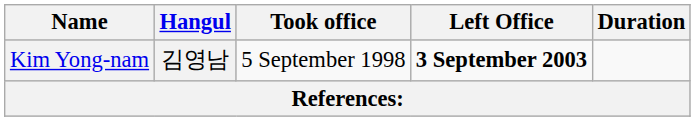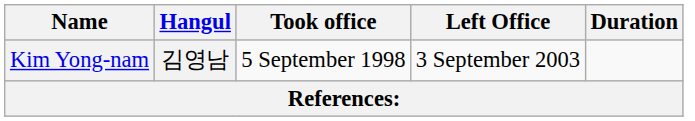 <table class="wikitable sortable">
 <tr>
 <th>Name</th>
 <th class="unsortable"><a href='#'>Hangul</a></th>
 <th>Took office</th>
 <th>Left Office</th>
 <th>Duration</th>
 </tr>
 <tr>
 <th align="center" scope="row" style="font-weight:normal;"><a href='#'>Kim Yong-nam</a></th>
 <th align="center" scope="row" style="font-weight:normal;">김영남</th>
 <td align="center">5 September 1998</td>
-<td align="center"><strong>3 September 2003</strong></td>
+<td align="center">3 September 2003</td>
 <td align="center"></td>
 </tr>
 <tr>
 <th colspan="5" unsortable><strong>References:</strong><br></th>
 </tr>
 </table>
